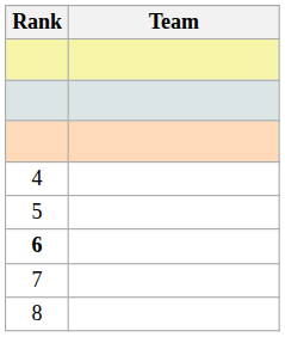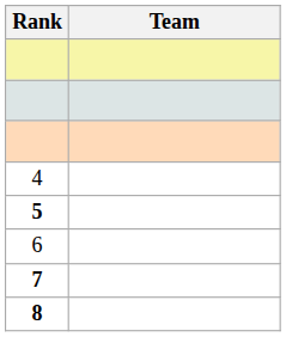 <table class="wikitable" style="border:1px solid #AAAAAA;">
 <tr bgcolor="#E4E4E4">
 <th style="border-bottom:1px solid #AAAAAA" width=40>Rank</th>
 <th style="border-bottom:1px solid #AAAAAA" width=150>Team</th>
 </tr>
 <tr bgcolor="#F7F6A8">
 <td align="center" style="height:23px"></td>
 <td></td>
 </tr>
 <tr bgcolor="#DCE5E5">
 <td align="center" style="height:23px"></td>
 <td></td>
 </tr>
 <tr bgcolor="#FFDAB9">
 <td align="center" style="height:23px"></td>
 <td></td>
 </tr>
 <tr style="background:#ffffff;">
 <td align="center">4</td>
 <td></td>
 </tr>
 <tr style="background:#ffffff;">
-<td align="center">5</td>
+<td align="center"><strong>5</strong></td>
 <td></td>
 </tr>
 <tr style="background:#ffffff;">
-<td align="center"><strong>6</strong></td>
+<td align="center">6</td>
 <td></td>
 </tr>
 <tr style="background:#ffffff;">
-<td align="center">7</td>
+<td align="center"><strong>7</strong></td>
 <td></td>
 </tr>
 <tr style="background:#ffffff;">
-<td align="center">8</td>
+<td align="center"><strong>8</strong></td>
 <td></td>
 </tr>
 </table>
